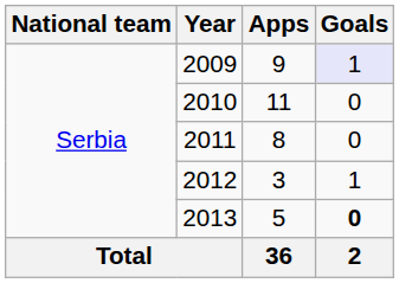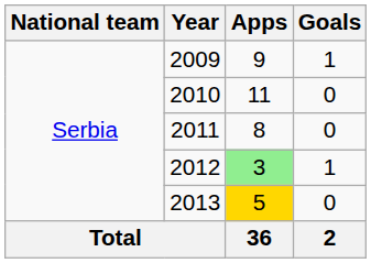 <table class="wikitable" style="text-align:center">
 <tr>
 <th>National team</th>
 <th>Year</th>
 <th>Apps</th>
 <th>Goals</th>
 </tr>
 <tr>
 <td rowspan="5"><a href='#'>Serbia</a></td>
 <td>2009</td>
 <td>9</td>
-<td style="background: lavender;">1</td>
+<td>1</td>
 </tr>
 <tr>
 <td>2010</td>
 <td>11</td>
 <td>0</td>
 </tr>
 <tr>
 <td>2011</td>
 <td>8</td>
 <td>0</td>
 </tr>
 <tr>
 <td>2012</td>
-<td>3</td>
+<td style="background: lightgreen;">3</td>
 <td>1</td>
 </tr>
 <tr>
 <td>2013</td>
-<td>5</td>
-<td><strong>0</strong></td>
+<td style="background: gold;">5</td>
+<td>0</td>
 </tr>
 <tr>
 <th colspan="2">Total</th>
 <th>36</th>
 <th>2</th>
 </tr>
 </table>
